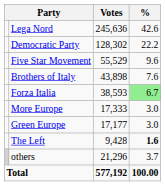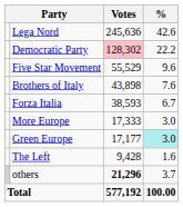 <table class="wikitable" style="font-size:95%">
 <tr>
 <th colspan=2>Party</th>
 <th>Votes</th>
 <th>%</th>
 </tr>
 <tr>
 <td></td>
 <td><a href='#'>Lega Nord</a></td>
 <td align=right>245,636</td>
 <td align=right>42.6</td>
 </tr>
 <tr>
 <td></td>
 <td><a href='#'>Democratic Party</a></td>
-<td align=right>128,302</td>
+<td align=right style="background: pink;">128,302</td>
 <td align=right>22.2</td>
 </tr>
 <tr>
 <td></td>
 <td><a href='#'>Five Star Movement</a></td>
 <td align=right>55,529</td>
 <td align=right>9.6</td>
 </tr>
 <tr>
 <td></td>
 <td><a href='#'>Brothers of Italy</a></td>
 <td align=right>43,898</td>
 <td align=right>7.6</td>
 </tr>
 <tr>
 <td></td>
 <td><a href='#'>Forza Italia</a></td>
 <td align=right>38,593</td>
-<td align=right style="background: lightgreen;">6.7</td>
+<td align=right>6.7</td>
 </tr>
 <tr>
 <td></td>
 <td><a href='#'>More Europe</a></td>
 <td align=right>17,333</td>
 <td align=right>3.0</td>
 </tr>
 <tr>
 <td></td>
 <td><a href='#'>Green Europe</a></td>
 <td align=right>17,177</td>
-<td align=right>3.0</td>
+<td align=right style="background: paleturquoise;">3.0</td>
 </tr>
 <tr>
 <td></td>
 <td><a href='#'>The Left</a></td>
 <td align=right>9,428</td>
-<td align=right><strong>1.6</strong></td>
+<td align=right>1.6</td>
 </tr>
 <tr>
 <td style="background-color: lightgrey"></td>
 <td>others</td>
-<td align=right>21,296</td>
+<td align=right><strong>21,296</strong></td>
 <td align=right>3.7</td>
 </tr>
 <tr>
 <td colspan=2><strong>Total</strong></td>
 <td align=right><strong>577,192</strong></td>
 <td align=right><strong>100.00</strong></td>
 </tr>
 </table>
